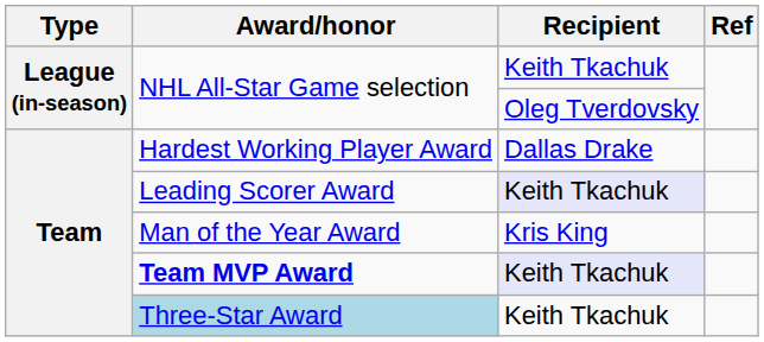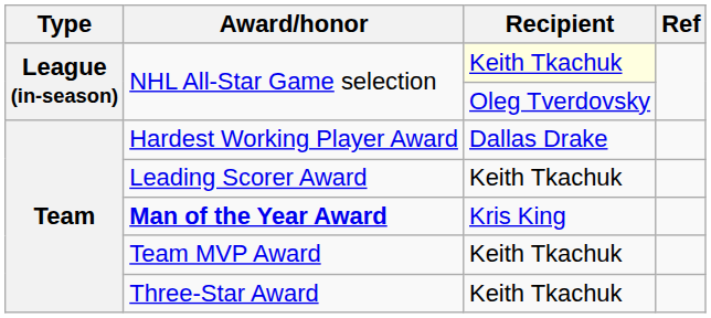 <table class="wikitable">
 <tr>
 <th scope="col">Type</th>
 <th scope="col">Award/honor</th>
 <th scope="col">Recipient</th>
 <th scope="col">Ref</th>
 </tr>
 <tr>
 <th scope="row" rowspan=2>League<br><small>(in-season)</small></th>
 <td rowspan=2><a href='#'>NHL All-Star Game</a> selection</td>
-<td><a href='#'>Keith Tkachuk</a></td>
+<td style="background: lightyellow;"><a href='#'>Keith Tkachuk</a></td>
 <td rowspan=2></td>
 </tr>
 <tr>
 <td><a href='#'>Oleg Tverdovsky</a></td>
 </tr>
 <tr>
 <th scope="row" rowspan="5">Team</th>
 <td><a href='#'>Hardest Working Player Award</a></td>
 <td><a href='#'>Dallas Drake</a></td>
 <td></td>
 </tr>
 <tr>
 <td><a href='#'>Leading Scorer Award</a></td>
-<td style="background: lavender;">Keith Tkachuk</td>
+<td>Keith Tkachuk</td>
 <td></td>
 </tr>
 <tr>
-<td><a href='#'>Man of the Year Award</a></td>
+<td><strong><a href='#'>Man of the Year Award</a></strong></td>
 <td><a href='#'>Kris King</a></td>
 <td></td>
 </tr>
 <tr>
-<td><strong><a href='#'>Team MVP Award</a></strong></td>
-<td style="background: lavender;">Keith Tkachuk</td>
+<td><a href='#'>Team MVP Award</a></td>
+<td>Keith Tkachuk</td>
 <td></td>
 </tr>
 <tr>
-<td style="background: lightblue;"><a href='#'>Three-Star Award</a></td>
+<td><a href='#'>Three-Star Award</a></td>
 <td>Keith Tkachuk</td>
 <td></td>
 </tr>
 </table>
